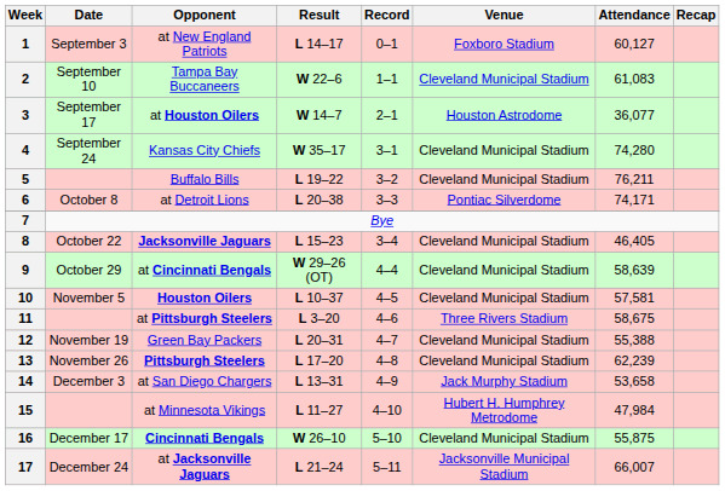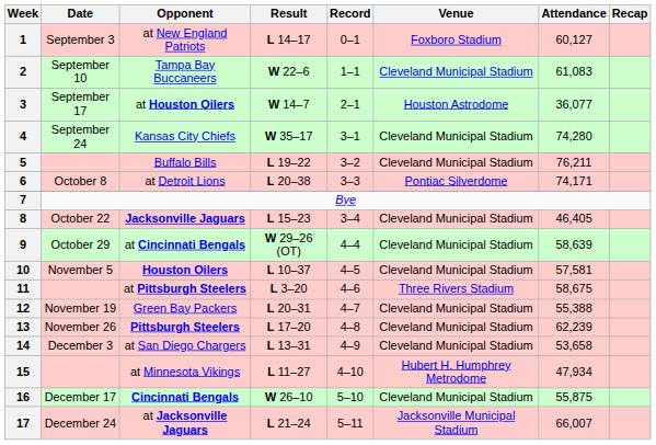 <table class="wikitable" style="text-align:center">
 <tr>
 <th>Week</th>
 <th>Date</th>
 <th>Opponent</th>
 <th>Result</th>
 <th>Record</th>
 <th>Venue</th>
 <th>Attendance</th>
 <th>Recap</th>
 </tr>
 <tr style="background:#fcc">
 <th>1</th>
 <td>September 3</td>
 <td>at <a href='#'>New England Patriots</a></td>
 <td><strong>L</strong> 14–17</td>
 <td>0–1</td>
 <td><a href='#'>Foxboro Stadium</a></td>
 <td>60,127</td>
 <td></td>
 </tr>
 <tr style="background:#cfc">
 <th>2</th>
 <td>September 10</td>
 <td><a href='#'>Tampa Bay Buccaneers</a></td>
 <td><strong>W</strong> 22–6</td>
 <td>1–1</td>
 <td><a href='#'>Cleveland Municipal Stadium</a></td>
 <td>61,083</td>
 <td></td>
 </tr>
 <tr style="background:#cfc">
 <th>3</th>
 <td>September 17</td>
 <td>at <strong><a href='#'>Houston Oilers</a></strong></td>
 <td><strong>W</strong> 14–7</td>
 <td>2–1</td>
 <td><a href='#'>Houston Astrodome</a></td>
 <td>36,077</td>
 <td></td>
 </tr>
 <tr style="background:#cfc">
 <th>4</th>
 <td>September 24</td>
 <td><a href='#'>Kansas City Chiefs</a></td>
 <td><strong>W</strong> 35–17</td>
 <td>3–1</td>
 <td>Cleveland Municipal Stadium</td>
 <td>74,280</td>
 <td></td>
 </tr>
 <tr style="background:#fcc">
 <th>5</th>
 <td></td>
 <td><a href='#'>Buffalo Bills</a></td>
 <td><strong>L</strong> 19–22</td>
 <td>3–2</td>
 <td>Cleveland Municipal Stadium</td>
 <td>76,211</td>
 <td></td>
 </tr>
 <tr style="background:#fcc">
 <th>6</th>
 <td>October 8</td>
 <td>at <a href='#'>Detroit Lions</a></td>
 <td><strong>L</strong> 20–38</td>
 <td>3–3</td>
 <td><a href='#'>Pontiac Silverdome</a></td>
 <td>74,171</td>
 <td></td>
 </tr>
 <tr style="background:#fcc">
 </tr>
 <tr>
 <th>7</th>
 <td colspan="7"><em><a href='#'>Bye</a></em></td>
 </tr>
 <tr style="background:#fcc">
 <th>8</th>
 <td>October 22</td>
 <td><strong><a href='#'>Jacksonville Jaguars</a></strong></td>
 <td><strong>L</strong> 15–23</td>
 <td>3–4</td>
 <td>Cleveland Municipal Stadium</td>
 <td>46,405</td>
 <td></td>
 </tr>
 <tr style="background:#cfc">
 <th>9</th>
 <td>October 29</td>
 <td>at <strong><a href='#'>Cincinnati Bengals</a></strong></td>
 <td><strong>W</strong> 29–26 (OT)</td>
 <td>4–4</td>
 <td>Cleveland Municipal Stadium</td>
 <td>58,639</td>
 <td></td>
 </tr>
 <tr style="background:#fcc">
 <th>10</th>
 <td>November 5</td>
 <td><strong><a href='#'>Houston Oilers</a></strong></td>
 <td><strong>L</strong> 10–37</td>
 <td>4–5</td>
 <td>Cleveland Municipal Stadium</td>
 <td>57,581</td>
 <td></td>
 </tr>
 <tr style="background:#fcc">
 <th>11</th>
 <td></td>
 <td>at <strong><a href='#'>Pittsburgh Steelers</a></strong></td>
 <td><strong>L</strong> 3–20</td>
 <td>4–6</td>
 <td><a href='#'>Three Rivers Stadium</a></td>
 <td>58,675</td>
 <td></td>
 </tr>
 <tr style="background:#fcc">
 <th>12</th>
 <td>November 19</td>
 <td><a href='#'>Green Bay Packers</a></td>
 <td><strong>L</strong> 20–31</td>
 <td>4–7</td>
 <td>Cleveland Municipal Stadium</td>
 <td>55,388</td>
 <td></td>
 </tr>
 <tr style="background:#fcc">
 <th>13</th>
 <td>November 26</td>
 <td><strong><a href='#'>Pittsburgh Steelers</a></strong></td>
 <td><strong>L</strong> 17–20</td>
 <td>4–8</td>
 <td>Cleveland Municipal Stadium</td>
 <td>62,239</td>
 <td></td>
 </tr>
 <tr style="background:#fcc">
 <th>14</th>
 <td>December 3</td>
 <td>at <a href='#'>San Diego Chargers</a></td>
 <td><strong>L</strong> 13–31</td>
 <td>4–9</td>
-<td><a href='#'>Jack Murphy Stadium</a></td>
+<td>Cleveland Municipal Stadium</td>
 <td>53,658</td>
 <td></td>
 </tr>
 <tr style="background:#fcc">
 <th>15</th>
 <td></td>
 <td>at <a href='#'>Minnesota Vikings</a></td>
 <td><strong>L</strong> 11–27</td>
 <td>4–10</td>
 <td><a href='#'>Hubert H. Humphrey Metrodome</a></td>
-<td>47,984</td>
+<td>47,934</td>
 <td></td>
 </tr>
 <tr style="background:#cfc">
 <th>16</th>
 <td>December 17</td>
 <td><strong><a href='#'>Cincinnati Bengals</a></strong></td>
 <td><strong>W</strong> 26–10</td>
 <td>5–10</td>
 <td>Cleveland Municipal Stadium</td>
 <td>55,875</td>
 <td></td>
 </tr>
 <tr style="background:#fcc">
 <th>17</th>
 <td>December 24</td>
 <td>at <strong><a href='#'>Jacksonville Jaguars</a></strong></td>
 <td><strong>L</strong> 21–24</td>
 <td>5–11</td>
 <td><a href='#'>Jacksonville Municipal Stadium</a></td>
 <td>66,007</td>
 <td></td>
 </tr>
 </table>
